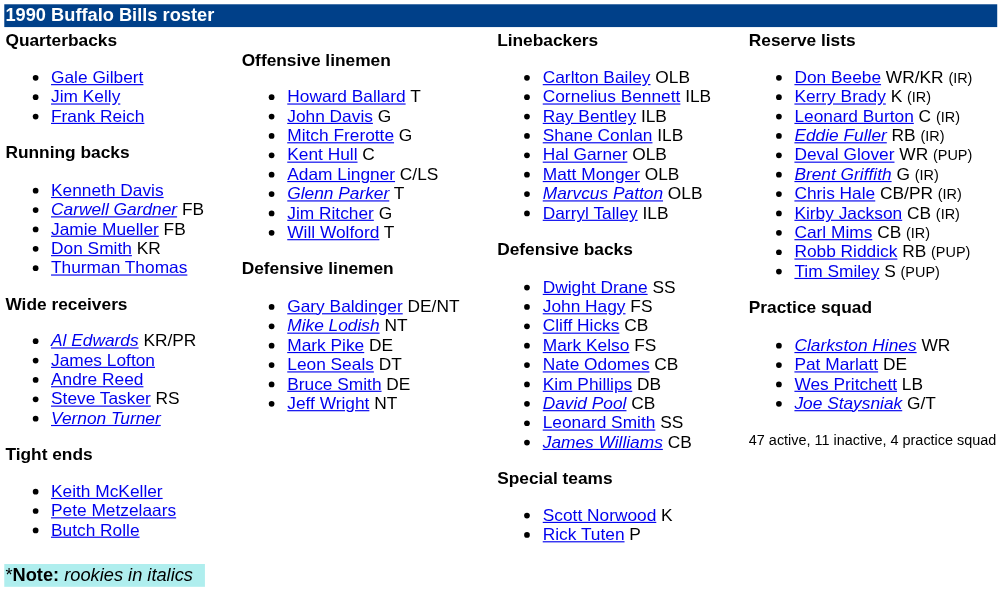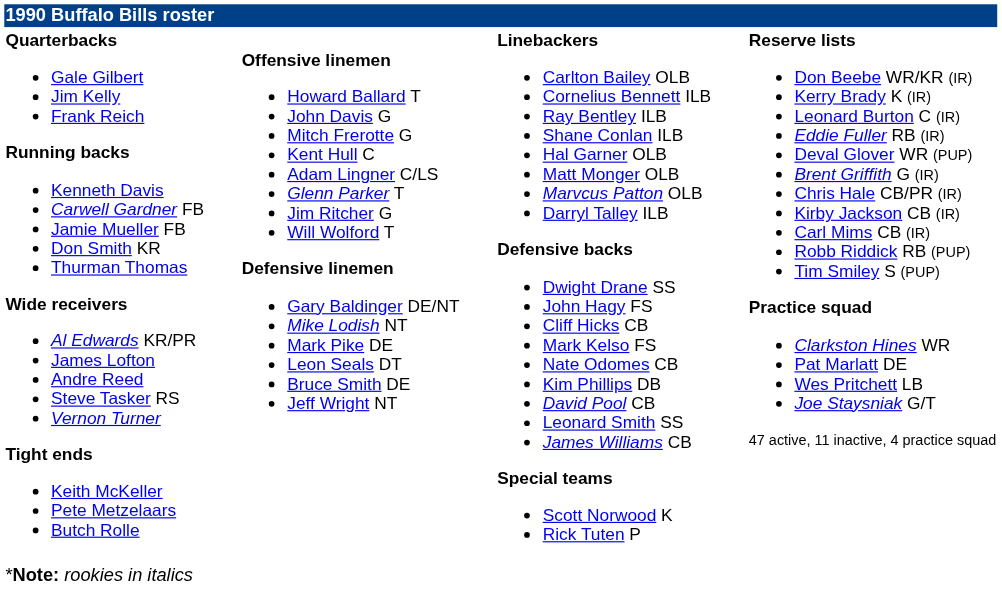 <table class="toccolours" style="text-align: left;">
 <tr>
 <th colspan="7" style="background-color: #004089; color:white; border;2px solid black;">1990 Buffalo Bills roster</th>
 </tr>
 <tr>
 <td style="font-size: 95%;" valign="top"><strong>Quarterbacks</strong><br><ul><li> <a href='#'>Gale Gilbert</a></li><li> <a href='#'>Jim Kelly</a></li><li> <a href='#'>Frank Reich</a></li></ul><strong>Running backs</strong><ul><li> <a href='#'>Kenneth Davis</a></li><li> <em><a href='#'>Carwell Gardner</a></em> FB</li><li> <a href='#'>Jamie Mueller</a> FB</li><li> <a href='#'>Don Smith</a> KR</li><li> <a href='#'>Thurman Thomas</a></li></ul><strong>Wide receivers</strong><ul><li> <em><a href='#'>Al Edwards</a></em> KR/PR</li><li> <a href='#'>James Lofton</a></li><li> <a href='#'>Andre Reed</a></li><li> <a href='#'>Steve Tasker</a> RS</li><li> <em><a href='#'>Vernon Turner</a></em></li></ul><strong>Tight ends</strong><ul><li> <a href='#'>Keith McKeller</a></li><li> <a href='#'>Pete Metzelaars</a></li><li> <a href='#'>Butch Rolle</a></li></ul></td>
 <td style="width: 25px;"></td>
 <td style="font-size: 95%;" valign="top"><br><strong>Offensive linemen</strong><ul><li> <a href='#'>Howard Ballard</a> T</li><li> <a href='#'>John Davis</a> G</li><li> <a href='#'>Mitch Frerotte</a> G</li><li> <a href='#'>Kent Hull</a> C</li><li> <a href='#'>Adam Lingner</a> C/LS</li><li> <em><a href='#'>Glenn Parker</a></em> T</li><li> <a href='#'>Jim Ritcher</a> G</li><li> <a href='#'>Will Wolford</a> T</li></ul><strong>Defensive linemen</strong><ul><li> <a href='#'>Gary Baldinger</a> DE/NT</li><li> <em><a href='#'>Mike Lodish</a></em> NT</li><li> <a href='#'>Mark Pike</a> DE</li><li> <a href='#'>Leon Seals</a> DT</li><li> <a href='#'>Bruce Smith</a> DE</li><li> <a href='#'>Jeff Wright</a> NT</li></ul></td>
 <td style="width: 25px;"></td>
 <td style="font-size: 95%;" valign="top"><strong>Linebackers</strong><br><ul><li> <a href='#'>Carlton Bailey</a> OLB</li><li> <a href='#'>Cornelius Bennett</a> ILB</li><li> <a href='#'>Ray Bentley</a> ILB</li><li> <a href='#'>Shane Conlan</a> ILB</li><li> <a href='#'>Hal Garner</a> OLB</li><li> <a href='#'>Matt Monger</a> OLB</li><li> <em><a href='#'>Marvcus Patton</a></em> OLB</li><li> <a href='#'>Darryl Talley</a> ILB</li></ul><strong>Defensive backs</strong><ul><li> <a href='#'>Dwight Drane</a> SS</li><li> <a href='#'>John Hagy</a> FS</li><li> <a href='#'>Cliff Hicks</a> CB</li><li> <a href='#'>Mark Kelso</a> FS</li><li> <a href='#'>Nate Odomes</a> CB</li><li> <a href='#'>Kim Phillips</a> DB</li><li> <em><a href='#'>David Pool</a></em> CB</li><li> <a href='#'>Leonard Smith</a> SS</li><li> <em><a href='#'>James Williams</a></em> CB</li></ul><strong>Special teams</strong><ul><li> <a href='#'>Scott Norwood</a> K</li><li> <a href='#'>Rick Tuten</a> P</li></ul></td>
 <td style="width: 25px;"></td>
 <td style="font-size: 95%;" valign="top"><strong>Reserve lists</strong><br><ul><li> <a href='#'>Don Beebe</a> WR/KR <small>(IR)</small> </li><li> <a href='#'>Kerry Brady</a> K <small>(IR)</small> </li><li> <a href='#'>Leonard Burton</a> C <small>(IR)</small> </li><li> <em><a href='#'>Eddie Fuller</a></em> RB <small>(IR)</small> </li><li> <a href='#'>Deval Glover</a> WR <small>(PUP)</small> </li><li> <em><a href='#'>Brent Griffith</a></em> G <small>(IR)</small> </li><li> <a href='#'>Chris Hale</a> CB/PR <small>(IR)</small> </li><li> <a href='#'>Kirby Jackson</a> CB <small>(IR)</small> </li><li> <a href='#'>Carl Mims</a> CB <small>(IR)</small> </li><li> <a href='#'>Robb Riddick</a> RB <small>(PUP)</small> </li><li> <a href='#'>Tim Smiley</a> S <small>(PUP)</small> </li></ul><strong>Practice squad</strong><ul><li> <em><a href='#'>Clarkston Hines</a></em> WR</li><li> <a href='#'>Pat Marlatt</a> DE</li><li> <a href='#'>Wes Pritchett</a> LB</li><li> <em><a href='#'>Joe Staysniak</a></em> G/T</li></ul><small>47 active, 11 inactive, 4 practice squad</small></td>
 </tr>
 <tr>
-<td style="background: paleturquoise;">*<strong>Note:</strong> <em>rookies in italics</em></td>
+<td>*<strong>Note:</strong> <em>rookies in italics</em></td>
 </tr>
 </table>
